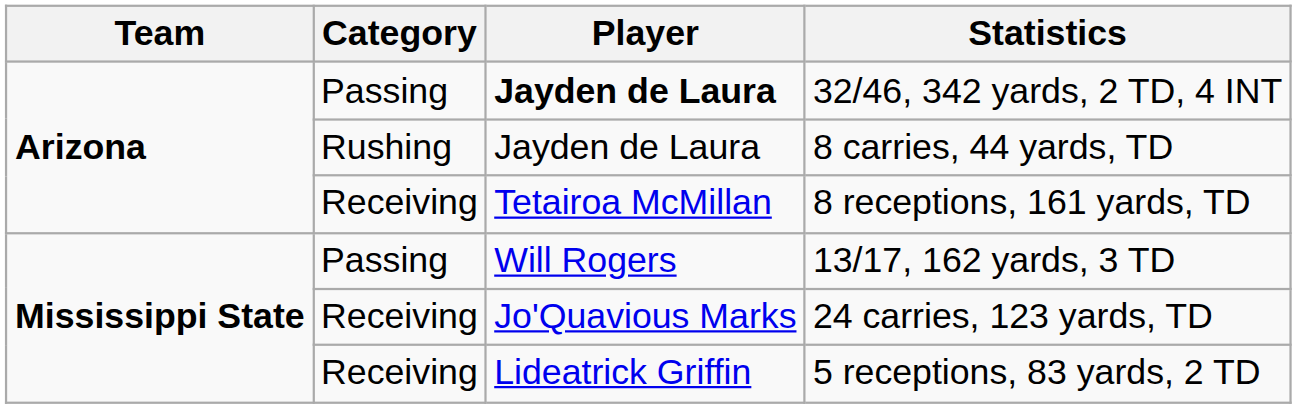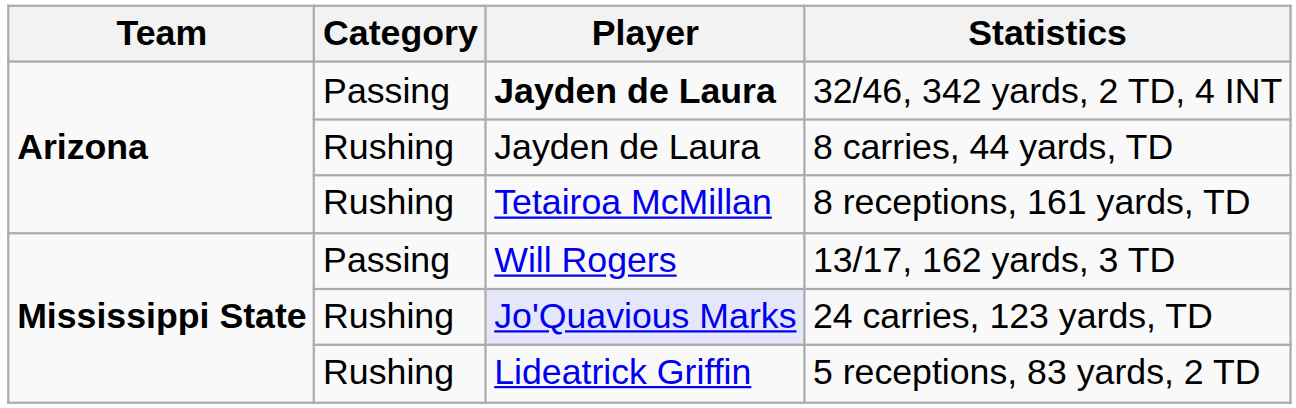 <table class="wikitable" style="float: right;">
 <tr>
 <th>Team</th>
 <th>Category</th>
 <th>Player</th>
 <th>Statistics</th>
 </tr>
 <tr>
 <td rowspan=3><strong>Arizona</strong></td>
 <td>Passing</td>
 <td><strong>Jayden de Laura</strong></td>
 <td>32/46, 342 yards, 2 TD, 4 INT</td>
 </tr>
 <tr>
 <td>Rushing</td>
 <td>Jayden de Laura</td>
 <td>8 carries, 44 yards, TD</td>
 </tr>
 <tr>
-<td>Receiving</td>
+<td>Rushing</td>
 <td><a href='#'>Tetairoa McMillan</a></td>
 <td>8 receptions, 161 yards, TD</td>
 </tr>
 <tr>
 <td rowspan=3><strong>Mississippi State</strong></td>
 <td>Passing</td>
 <td><a href='#'>Will Rogers</a></td>
 <td>13/17, 162 yards, 3 TD</td>
 </tr>
 <tr>
-<td>Receiving</td>
-<td><a href='#'>Jo'Quavious Marks</a></td>
+<td>Rushing</td>
+<td style="background: lavender;"><a href='#'>Jo'Quavious Marks</a></td>
 <td>24 carries, 123 yards, TD</td>
 </tr>
 <tr>
-<td>Receiving</td>
+<td>Rushing</td>
 <td><a href='#'>Lideatrick Griffin</a></td>
 <td>5 receptions, 83 yards, 2 TD</td>
 </tr>
 </table>
